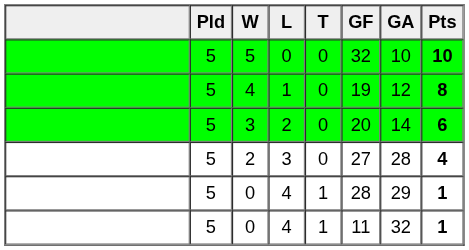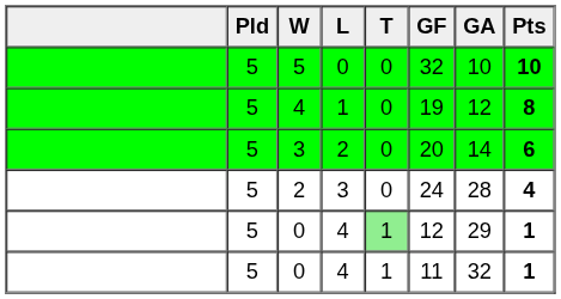 <table border=1  cellpadding=5 cellspacing =0>
 <tr>
 <th Bgcolor="#efefef" width="150"></th>
 <th Bgcolor="#efefef" width="20">Pld</th>
 <th Bgcolor="#efefef" width="20">W</th>
 <th Bgcolor="#efefef" width="20">L</th>
 <th Bgcolor="#efefef" width="20">T</th>
 <th Bgcolor="#efefef" width="20">GF</th>
 <th Bgcolor="#efefef" width="20">GA</th>
 <th Bgcolor="#efefef" width="20">Pts</th>
 </tr>
 <tr align=center bgcolor="lime">
 <td align= left></td>
 <td>5</td>
 <td>5</td>
 <td>0</td>
 <td>0</td>
 <td>32</td>
 <td>10</td>
 <td><strong> 10</strong></td>
 </tr>
 <tr align=center bgcolor="lime">
 <td align = left></td>
 <td>5</td>
 <td>4</td>
 <td>1</td>
 <td>0</td>
 <td>19</td>
 <td>12</td>
 <td><strong> 8</strong></td>
 </tr>
 <tr align=center bgcolor="lime">
 <td align = left></td>
 <td>5</td>
 <td>3</td>
 <td>2</td>
 <td>0</td>
 <td>20</td>
 <td>14</td>
 <td><strong> 6</strong></td>
 </tr>
 <tr align=center>
 <td align=left></td>
 <td>5</td>
 <td>2</td>
 <td>3</td>
 <td>0</td>
-<td>27</td>
+<td>24</td>
 <td>28</td>
 <td><strong> 4</strong></td>
 </tr>
 <tr align=center>
 <td align=left></td>
 <td>5</td>
 <td>0</td>
 <td>4</td>
-<td>1</td>
-<td>28</td>
+<td style="background: lightgreen;">1</td>
+<td>12</td>
 <td>29</td>
 <td><strong> 1</strong></td>
 </tr>
 <tr align=center>
 <td align=left></td>
 <td>5</td>
 <td>0</td>
 <td>4</td>
 <td>1</td>
 <td>11</td>
 <td>32</td>
 <td><strong> 1</strong></td>
 </tr>
 </table>
